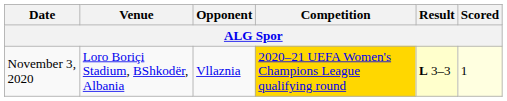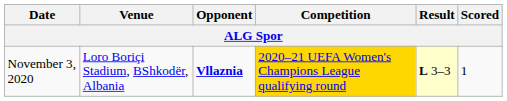 <table class=wikitable>
 <tr to [[Adana İdmany>
 <th>Date</th>
 <th>Venue</th>
 <th>Opponent</th>
 <th>Competition</th>
 <th>Result</th>
 <th>Scored</th>
 </tr>
 <tr>
 <th colspan=6><a href='#'>ALG Spor</a></th>
 </tr>
 <tr>
 <td>November 3, 2020</td>
 <td><a href='#'>Loro Boriçi Stadium</a>, <a href='#'>BShkodër</a>, <a href='#'>Albania</a></td>
-<td> <a href='#'>Vllaznia</a></td>
+<td><strong> <a href='#'>Vllaznia</a></strong></td>
 <td style="background: gold;"><a href='#'>2020–21 UEFA Women's Champions League qualifying round</a></td>
 <td bgcolor=#ffc><strong>L</strong> 3–3  </td>
-<td style="background: lightyellow;">1</td>
+<td>1</td>
 </tr>
 </table>
